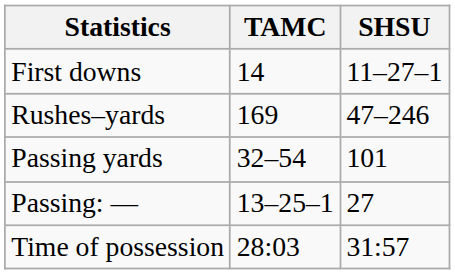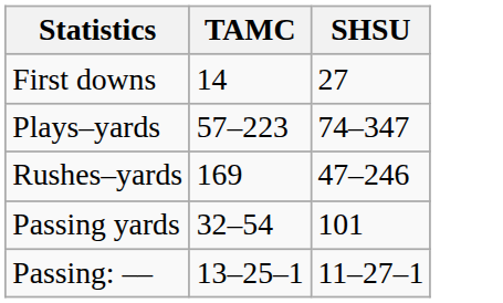 <table class="wikitable" style="float:left">
 <tr>
 <th>Statistics</th>
 <th>TAMC</th>
 <th>SHSU</th>
 </tr>
 <tr>
 <td>First downs</td>
 <td>14</td>
-<td>11–27–1</td>
+<td>27</td>
+</tr>
+<tr>
+<td>Plays–yards</td>
+<td>57–223</td>
+<td>74–347</td>
 </tr>
 <tr>
 <td>Rushes–yards</td>
 <td>169</td>
 <td>47–246</td>
 </tr>
 <tr>
 <td>Passing yards</td>
 <td>32–54</td>
 <td>101</td>
 </tr>
 <tr>
 <td>Passing: ––</td>
 <td>13–25–1</td>
-<td>27</td>
-</tr>
-<tr>
-<td>Time of possession</td>
-<td>28:03</td>
-<td>31:57</td>
+<td>11–27–1</td>
 </tr>
 </table>
